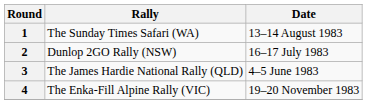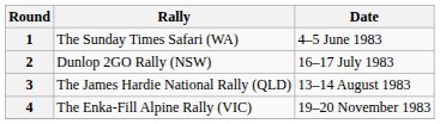 <table class="wikitable" border="1">
 <tr>
 <th>Round</th>
 <th>Rally</th>
 <th>Date</th>
 </tr>
 <tr>
 <th>1</th>
 <td>The Sunday Times Safari (WA)</td>
-<td>13–14 August 1983</td>
+<td>4–5 June 1983</td>
 </tr>
 <tr>
 <th>2</th>
 <td>Dunlop 2GO Rally (NSW)</td>
 <td>16–17 July 1983</td>
 </tr>
 <tr>
 <th>3</th>
 <td>The James Hardie National Rally (QLD)</td>
-<td>4–5 June 1983</td>
+<td>13–14 August 1983</td>
 </tr>
 <tr>
 <th>4</th>
 <td>The Enka-Fill Alpine Rally (VIC)</td>
 <td>19–20 November 1983</td>
 </tr>
 <tr>
 </tr>
 </table>
